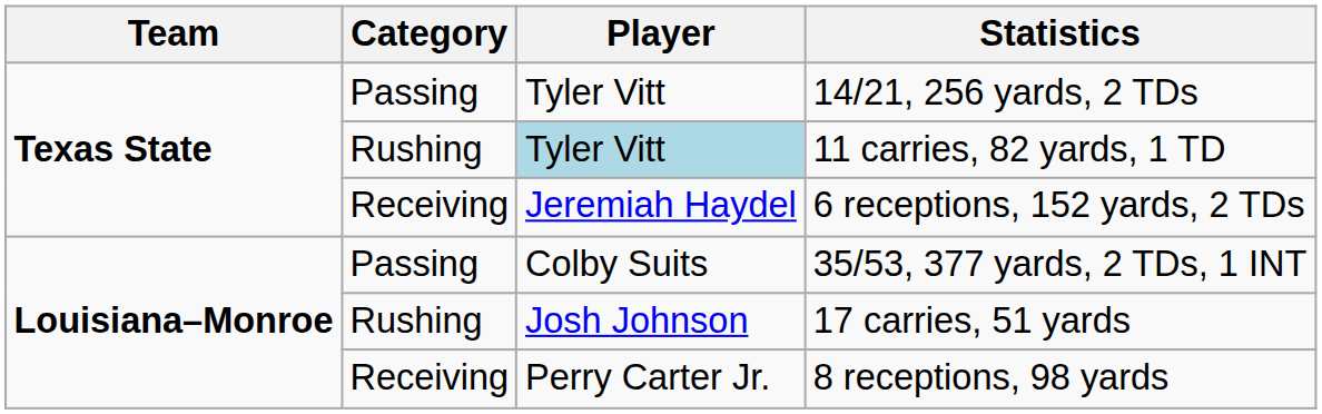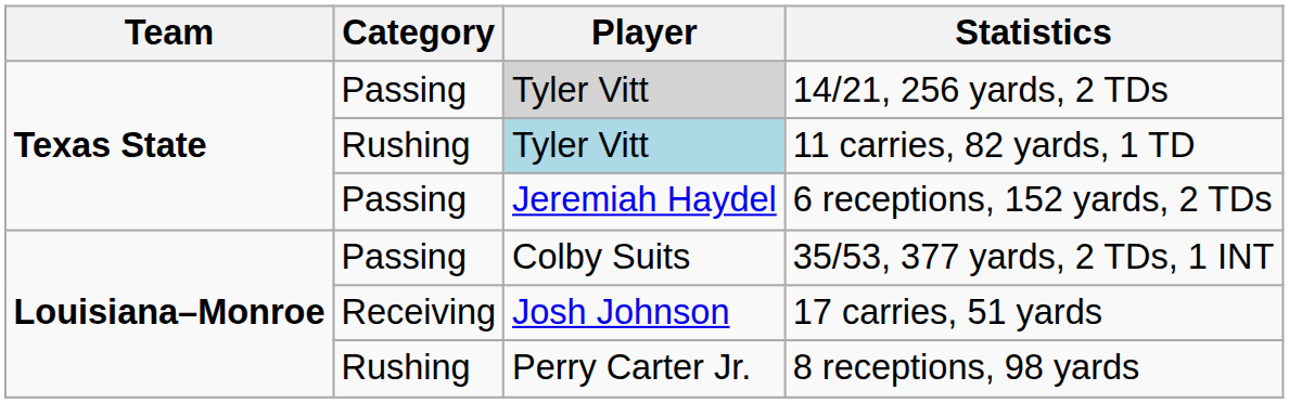 <table class="wikitable" style="float: left;">
 <tr>
 <th>Team</th>
 <th>Category</th>
 <th>Player</th>
 <th>Statistics</th>
 </tr>
 <tr>
 <td rowspan=3><strong>Texas State</strong></td>
 <td>Passing</td>
-<td>Tyler Vitt</td>
+<td style="background: lightgrey;">Tyler Vitt</td>
 <td>14/21, 256 yards, 2 TDs</td>
 </tr>
 <tr>
 <td>Rushing</td>
 <td style="background: lightblue;">Tyler Vitt</td>
 <td>11 carries, 82 yards, 1 TD</td>
 </tr>
 <tr>
-<td>Receiving</td>
+<td>Passing</td>
 <td><a href='#'>Jeremiah Haydel</a></td>
 <td>6 receptions, 152 yards, 2 TDs</td>
 </tr>
 <tr>
 <td rowspan=3><strong>Louisiana–Monroe</strong></td>
 <td>Passing</td>
 <td>Colby Suits</td>
 <td>35/53, 377 yards, 2 TDs, 1 INT</td>
 </tr>
 <tr>
-<td>Rushing</td>
+<td>Receiving</td>
 <td><a href='#'>Josh Johnson</a></td>
 <td>17 carries, 51 yards</td>
 </tr>
 <tr>
-<td>Receiving</td>
+<td>Rushing</td>
 <td>Perry Carter Jr.</td>
 <td>8 receptions, 98 yards</td>
 </tr>
 </table>
